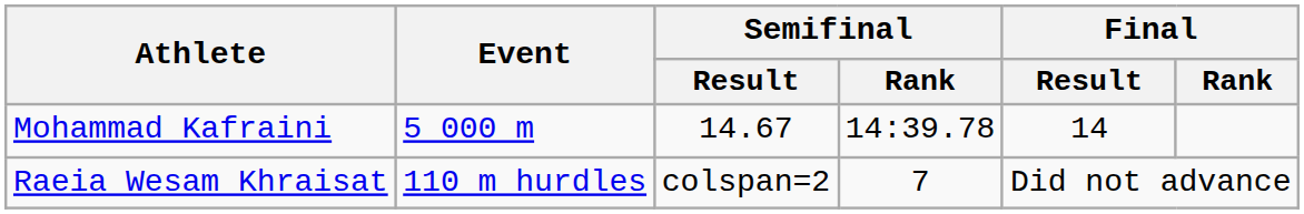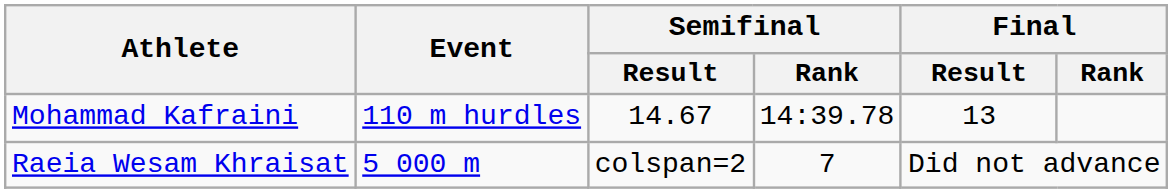 <table class="wikitable" style="font-size:90%">
 <tr>
 <th rowspan="2">Athlete</th>
 <th rowspan="2">Event</th>
 <th colspan="2">Semifinal</th>
 <th colspan="2">Final</th>
 </tr>
 <tr style="font-size:95%">
 <th>Result</th>
 <th>Rank</th>
 <th>Result</th>
 <th>Rank</th>
 </tr>
 <tr align=center>
 <td align=left><a href='#'>Mohammad Kafraini</a></td>
-<td align=left><a href='#'>5 000 m</a></td>
+<td align=left><a href='#'>110 m hurdles</a></td>
 <td>14.67</td>
 <td>14:39.78</td>
-<td>14</td>
+<td>13</td>
 </tr>
 <tr align=center>
 <td align=left><a href='#'>Raeia Wesam Khraisat</a></td>
-<td align=left><a href='#'>110 m hurdles</a></td>
+<td align=left><a href='#'>5 000 m</a></td>
 <td>colspan=2 </td>
 <td>7</td>
 <td colspan="2">Did not advance</td>
 </tr>
 </table>
